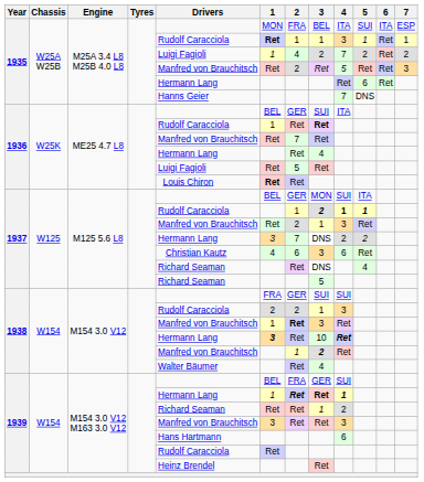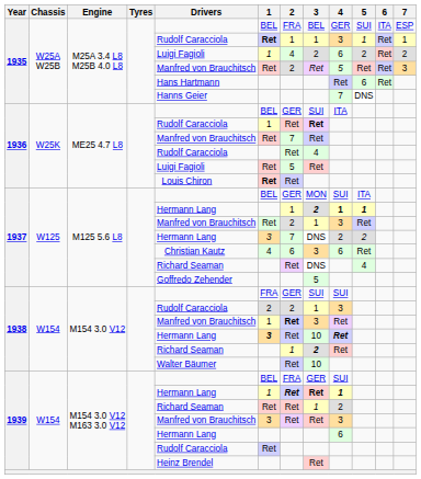 <table class="wikitable" style="text-align:center; font-size:85%">
 <tr>
 <th>Year</th>
 <th>Chassis</th>
 <th>Engine</th>
 <th>Tyres</th>
 <th>Drivers</th>
 <th>1</th>
 <th>2</th>
 <th>3</th>
 <th>4</th>
 <th>5</th>
 <th>6</th>
 <th>7</th>
 </tr>
 <tr>
 <th rowspan=6><a href='#'>1935</a></th>
 <td rowspan=6><a href='#'>W25A</a><br>W25B</td>
 <td rowspan=6>M25A 3.4 <a href='#'>L8</a><br>M25B 4.0 <a href='#'>L8</a></td>
 <td rowspan=6></td>
 <td></td>
-<td><a href='#'>MON</a></td>
+<td><a href='#'>BEL</a></td>
 <td><a href='#'>FRA</a></td>
 <td><a href='#'>BEL</a></td>
-<td><a href='#'>ITA</a></td>
+<td><a href='#'>GER</a></td>
 <td><a href='#'>SUI</a></td>
 <td><a href='#'>ITA</a></td>
 <td><a href='#'>ESP</a></td>
 </tr>
 <tr>
 <td align="left"> <a href='#'>Rudolf Caracciola</a></td>
 <td style="background:#cfcfff;"><strong>Ret</strong></td>
 <td style="background:#ffffbf;">1</td>
 <td style="background:#ffffbf;">1</td>
 <td style="background:#ffdf9f;">3</td>
 <td style="background:#ffffbf;"><em>1</em></td>
 <td style="background:#cfcfff;">Ret</td>
 <td style="background:#ffffbf;">1</td>
 </tr>
 <tr>
 <td align="left"> <a href='#'>Luigi Fagioli</a></td>
 <td style="background:#ffffbf;"><em>1</em></td>
 <td style="background:#dfffdf;">4</td>
 <td style="background:#dfdfdf;">2</td>
-<td style="background:#dfffdf;">7</td>
+<td style="background:#dfffdf;">6</td>
 <td style="background:#dfdfdf;">2</td>
 <td style="background:#ffcfcf;">Ret</td>
 <td style="background:#dfdfdf;">2</td>
 </tr>
 <tr>
 <td align="left"> <a href='#'>Manfred von Brauchitsch</a></td>
 <td style="background:#ffcfcf;">Ret</td>
 <td style="background:#dfdfdf;">2</td>
 <td style="background:#efcfff;"><em>Ret</em></td>
 <td style="background:#dfffdf;"><em>5</em></td>
 <td style="background:#ffcfcf;">Ret</td>
 <td style="background:#cfcfff;">Ret</td>
 <td style="background:#ffdf9f;">3</td>
 </tr>
 <tr>
-<td align="left"> <a href='#'>Hermann Lang</a></td>
+<td align="left"> <a href='#'>Hans Hartmann</a></td>
 <td></td>
 <td></td>
 <td></td>
 <td style="background:#cfcfff;">Ret</td>
 <td style="background:#dfffdf;">6</td>
 <td style="background:#dfffdf;">Ret</td>
 <td></td>
 </tr>
 <tr>
 <td align="left"> <a href='#'>Hanns Geier</a></td>
 <td></td>
 <td></td>
 <td></td>
 <td style="background:#dfffdf;">7</td>
 <td style="background:#ffffff;">DNS</td>
 <td></td>
 <td></td>
 </tr>
 <tr>
 <th rowspan=6><a href='#'>1936</a></th>
 <td rowspan=6><a href='#'>W25K</a></td>
 <td rowspan=6>ME25 4.7 <a href='#'>L8</a></td>
 <td rowspan=6></td>
 <td></td>
 <td><a href='#'>BEL</a></td>
 <td><a href='#'>GER</a></td>
 <td><a href='#'>SUI</a></td>
 <td><a href='#'>ITA</a></td>
 <td></td>
 <td></td>
 <td></td>
 </tr>
 <tr>
 <td align="left"> <a href='#'>Rudolf Caracciola</a></td>
 <td style="background:#ffffbf;">1</td>
 <td style="background:#ffcfcf;">Ret</td>
 <td style="background:#efcfff;"><strong>Ret</strong></td>
 <td></td>
 <td></td>
 <td></td>
 <td></td>
 </tr>
 <tr>
 <td align="left"> <a href='#'>Manfred von Brauchitsch</a></td>
 <td style="background:#ffcfcf;">Ret</td>
 <td style="background:#dfffdf;">7</td>
 <td style="background:#cfcfff;">Ret</td>
 <td></td>
 <td></td>
 <td></td>
 <td></td>
 </tr>
 <tr>
-<td align="left"> <a href='#'>Hermann Lang</a></td>
+<td align="left"> <a href='#'>Rudolf Caracciola</a></td>
 <td></td>
 <td style="background:#dfffdf;">Ret</td>
 <td style="background:#dfffdf;">4</td>
 <td></td>
 <td></td>
 <td></td>
 <td></td>
 </tr>
 <tr>
 <td align="left"> <a href='#'>Luigi Fagioli</a></td>
 <td style="background:#ffcfcf;">Ret</td>
 <td style="background:#dfffdf;">5</td>
 <td style="background:#ffcfcf;">Ret</td>
 <td></td>
 <td></td>
 <td></td>
 <td></td>
 </tr>
 <tr>
 <td align="left">  <a href='#'>Louis Chiron</a></td>
 <td style="background:#ffcfcf;"><strong>Ret</strong></td>
 <td style="background:#cfcfff;">Ret</td>
 <td></td>
 <td></td>
 <td></td>
 <td></td>
 <td></td>
 </tr>
 <tr>
 <th rowspan=7><a href='#'>1937</a></th>
 <td rowspan=7><a href='#'>W125</a></td>
 <td rowspan=7>M125 5.6 <a href='#'>L8</a></td>
 <td rowspan=7></td>
 <td></td>
 <td><a href='#'>BEL</a></td>
 <td><a href='#'>GER</a></td>
 <td><a href='#'>MON</a></td>
 <td><a href='#'>SUI</a></td>
 <td><a href='#'>ITA</a></td>
 <td></td>
 <td></td>
 </tr>
 <tr>
-<td align="left"> <a href='#'>Rudolf Caracciola</a></td>
+<td align="left"> <a href='#'>Hermann Lang</a></td>
 <td></td>
 <td style="background:#ffffbf;">1</td>
 <td style="background:#dfdfdf;"><strong><em>2</em></strong></td>
 <td style="background:#ffffbf;"><strong>1</strong></td>
 <td style="background:#ffffbf;"><strong><em>1</em></strong></td>
 <td></td>
 <td></td>
 </tr>
 <tr>
 <td align="left"> <a href='#'>Manfred von Brauchitsch</a></td>
 <td style="background:#dfffdf;">Ret</td>
 <td style="background:#dfdfdf;">2</td>
 <td style="background:#ffffbf;">1</td>
 <td style="background:#ffdf9f;">3</td>
 <td style="background:#cfcfff;">Ret</td>
 <td></td>
 <td></td>
 </tr>
 <tr>
 <td align="left"> <a href='#'>Hermann Lang</a></td>
 <td style="background:#ffdf9f;"><em>3</em></td>
 <td style="background:#dfffdf;">7</td>
 <td style="background:#ffffff;">DNS</td>
 <td style="background:#dfdfdf;">2</td>
 <td style="background:#dfdfdf;"><em>2</em></td>
 <td></td>
 <td></td>
 </tr>
 <tr>
 <td align="left">   <a href='#'>Christian Kautz</a></td>
 <td style="background:#dfffdf;">4</td>
 <td style="background:#dfffdf;">6</td>
 <td style="background:#ffdf9f;">3</td>
 <td style="background:#dfffdf;">6</td>
 <td style="background:#dfffdf;">Ret</td>
 <td></td>
 <td></td>
 </tr>
 <tr>
 <td align="left"> <a href='#'>Richard Seaman</a></td>
 <td></td>
 <td style="background:#efcfff;">Ret</td>
 <td style="background:#ffffff;">DNS</td>
 <td></td>
 <td style="background:#dfffdf;">4</td>
 <td></td>
 <td></td>
 </tr>
 <tr>
-<td align="left"> <a href='#'>Richard Seaman</a></td>
+<td align="left"> <a href='#'>Goffredo Zehender</a></td>
 <td></td>
 <td></td>
 <td style="background:#dfffdf;">5</td>
 <td></td>
 <td></td>
 <td></td>
 <td></td>
 </tr>
 <tr>
 <th rowspan=6><a href='#'>1938</a></th>
 <td rowspan=6><a href='#'>W154</a></td>
 <td rowspan=6>M154 3.0 <a href='#'>V12</a></td>
 <td rowspan=6></td>
 <td></td>
 <td><a href='#'>FRA</a></td>
 <td><a href='#'>GER</a></td>
 <td><a href='#'>SUI</a></td>
 <td><a href='#'>SUI</a></td>
 <td></td>
 <td></td>
 <td></td>
 </tr>
 <tr>
 <td align="left"> <a href='#'>Rudolf Caracciola</a></td>
 <td style="background:#dfdfdf;">2</td>
 <td style="background:#dfdfdf;">2</td>
 <td style="background:#ffffbf;">1</td>
 <td style="background:#ffdf9f;">3</td>
 <td></td>
 <td></td>
 <td></td>
 </tr>
 <tr>
 <td align="left"> <a href='#'>Manfred von Brauchitsch</a></td>
 <td style="background:#ffffbf;">1</td>
 <td style="background:#cfcfff;"><strong>Ret</strong></td>
 <td style="background:#ffdf9f;">3</td>
 <td style="background:#efcfff;">Ret</td>
 <td></td>
 <td></td>
 <td></td>
 </tr>
 <tr>
 <td align="left"> <a href='#'>Hermann Lang</a></td>
 <td style="background:#ffdf9f;"><strong><em>3</em></strong></td>
 <td style="background:#cfcfff;">Ret</td>
 <td style="background:#dfffdf;">10</td>
 <td style="background:#cfcfff;"><strong><em>Ret</em></strong></td>
 <td></td>
 <td></td>
 <td></td>
 </tr>
 <tr>
-<td align="left"> <a href='#'>Manfred von Brauchitsch</a></td>
+<td align="left"> <a href='#'>Richard Seaman</a></td>
 <td></td>
 <td style="background:#ffffbf;"><em>1</em></td>
 <td style="background:#dfdfdf;"><strong><em>2</em></strong></td>
 <td style="background:#ffcfcf;">Ret</td>
 <td></td>
 <td></td>
 <td></td>
 </tr>
 <tr>
 <td align="left"> <a href='#'>Walter Bäumer</a></td>
 <td></td>
 <td style="background:#cfcfff;">Ret</td>
-<td style="background:#dfffdf;">4</td>
+<td style="background:#dfffdf;">10</td>
 <td></td>
 <td></td>
 <td></td>
 <td></td>
 </tr>
 <tr>
 <th rowspan=7><a href='#'>1939</a></th>
 <td rowspan=7><a href='#'>W154</a></td>
 <td rowspan=7>M154 3.0 <a href='#'>V12</a><br>M163 3.0 <a href='#'>V12</a></td>
 <td rowspan=7></td>
 <td></td>
 <td><a href='#'>BEL</a></td>
 <td><a href='#'>FRA</a></td>
 <td><a href='#'>GER</a></td>
 <td><a href='#'>SUI</a></td>
 <td></td>
 <td></td>
 <td></td>
 </tr>
 <tr>
 <td align="left"> <a href='#'>Hermann Lang</a></td>
 <td style="background:#ffffbf;"><em>1</em></td>
 <td style="background:#cfcfff;"><strong><em>Ret</em></strong></td>
 <td style="background:#ffcfcf;"><strong>Ret</strong></td>
 <td style="background:#ffffbf;"><strong><em>1</em></strong></td>
 <td></td>
 <td></td>
 <td></td>
 </tr>
 <tr>
 <td align="left"> <a href='#'>Richard Seaman</a></td>
 <td style="background:#ffcfcf;">Ret</td>
 <td style="background:#ffcfcf;">Ret</td>
 <td style="background:#ffffbf;"><em>1</em></td>
 <td style="background:#dfdfdf;">2</td>
 <td></td>
 <td></td>
 <td></td>
 </tr>
 <tr>
 <td align="left"> <a href='#'>Manfred von Brauchitsch</a></td>
 <td style="background:#ffdf9f;">3</td>
 <td style="background:#efcfff;">Ret</td>
 <td style="background:#ffcfcf;">Ret</td>
 <td style="background:#ffdf9f;">3</td>
 <td></td>
 <td></td>
 <td></td>
 </tr>
 <tr>
-<td align="left"> <a href='#'>Hans Hartmann</a></td>
+<td align="left"> <a href='#'>Hermann Lang</a></td>
 <td></td>
 <td></td>
 <td></td>
 <td style="background:#dfffdf;">6</td>
 <td></td>
 <td></td>
 <td></td>
 </tr>
 <tr>
 <td align="left"> <a href='#'>Rudolf Caracciola</a></td>
 <td style="background:#cfcfff;">Ret</td>
 <td></td>
 <td></td>
 <td></td>
 <td></td>
 <td></td>
 <td></td>
 </tr>
 <tr>
 <td align="left"> <a href='#'>Heinz Brendel</a></td>
 <td></td>
 <td></td>
 <td style="background:#ffcfcf;">Ret</td>
 <td></td>
 <td></td>
 <td></td>
 <td></td>
 </tr>
 <tr>
 <th colspan=12></th>
 </tr>
 </table>
